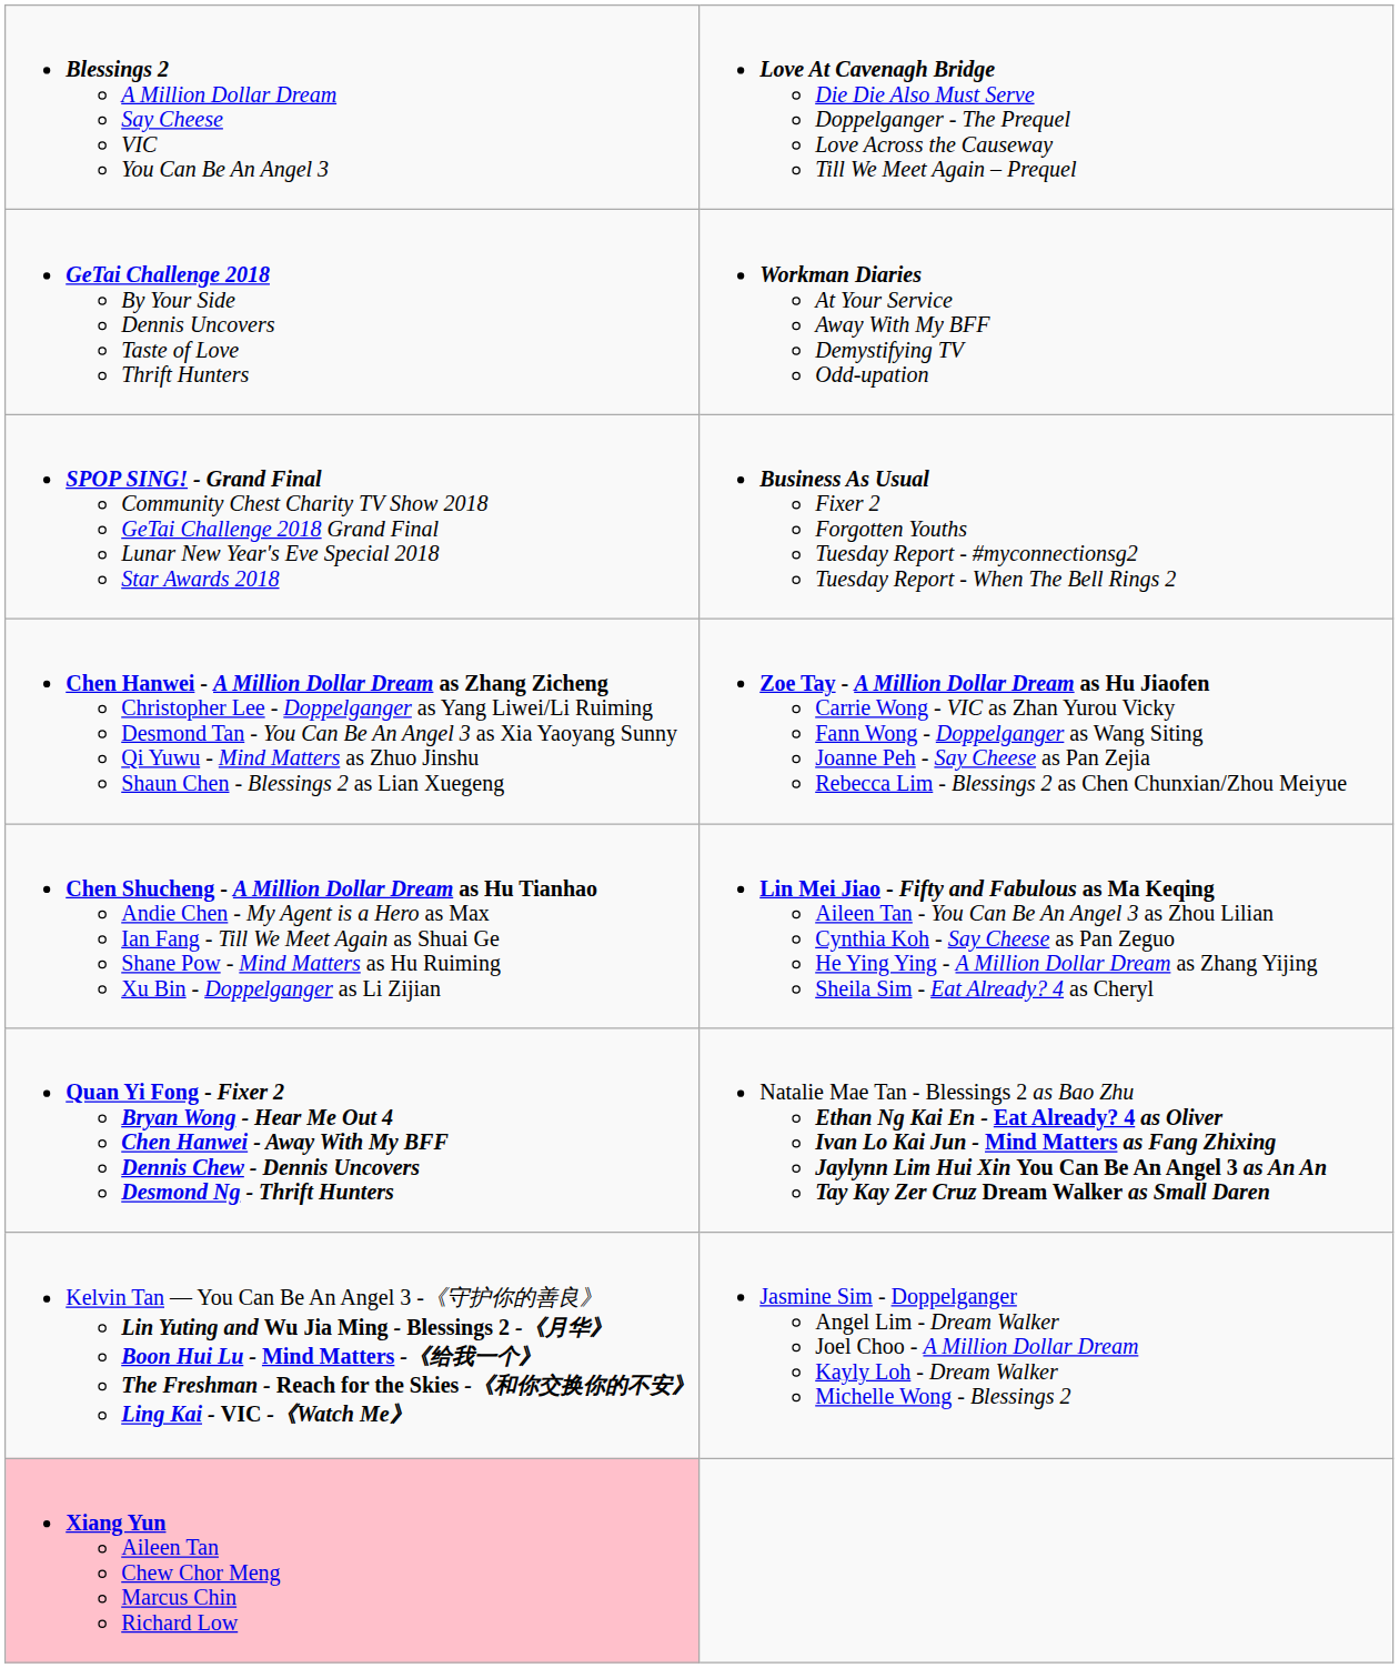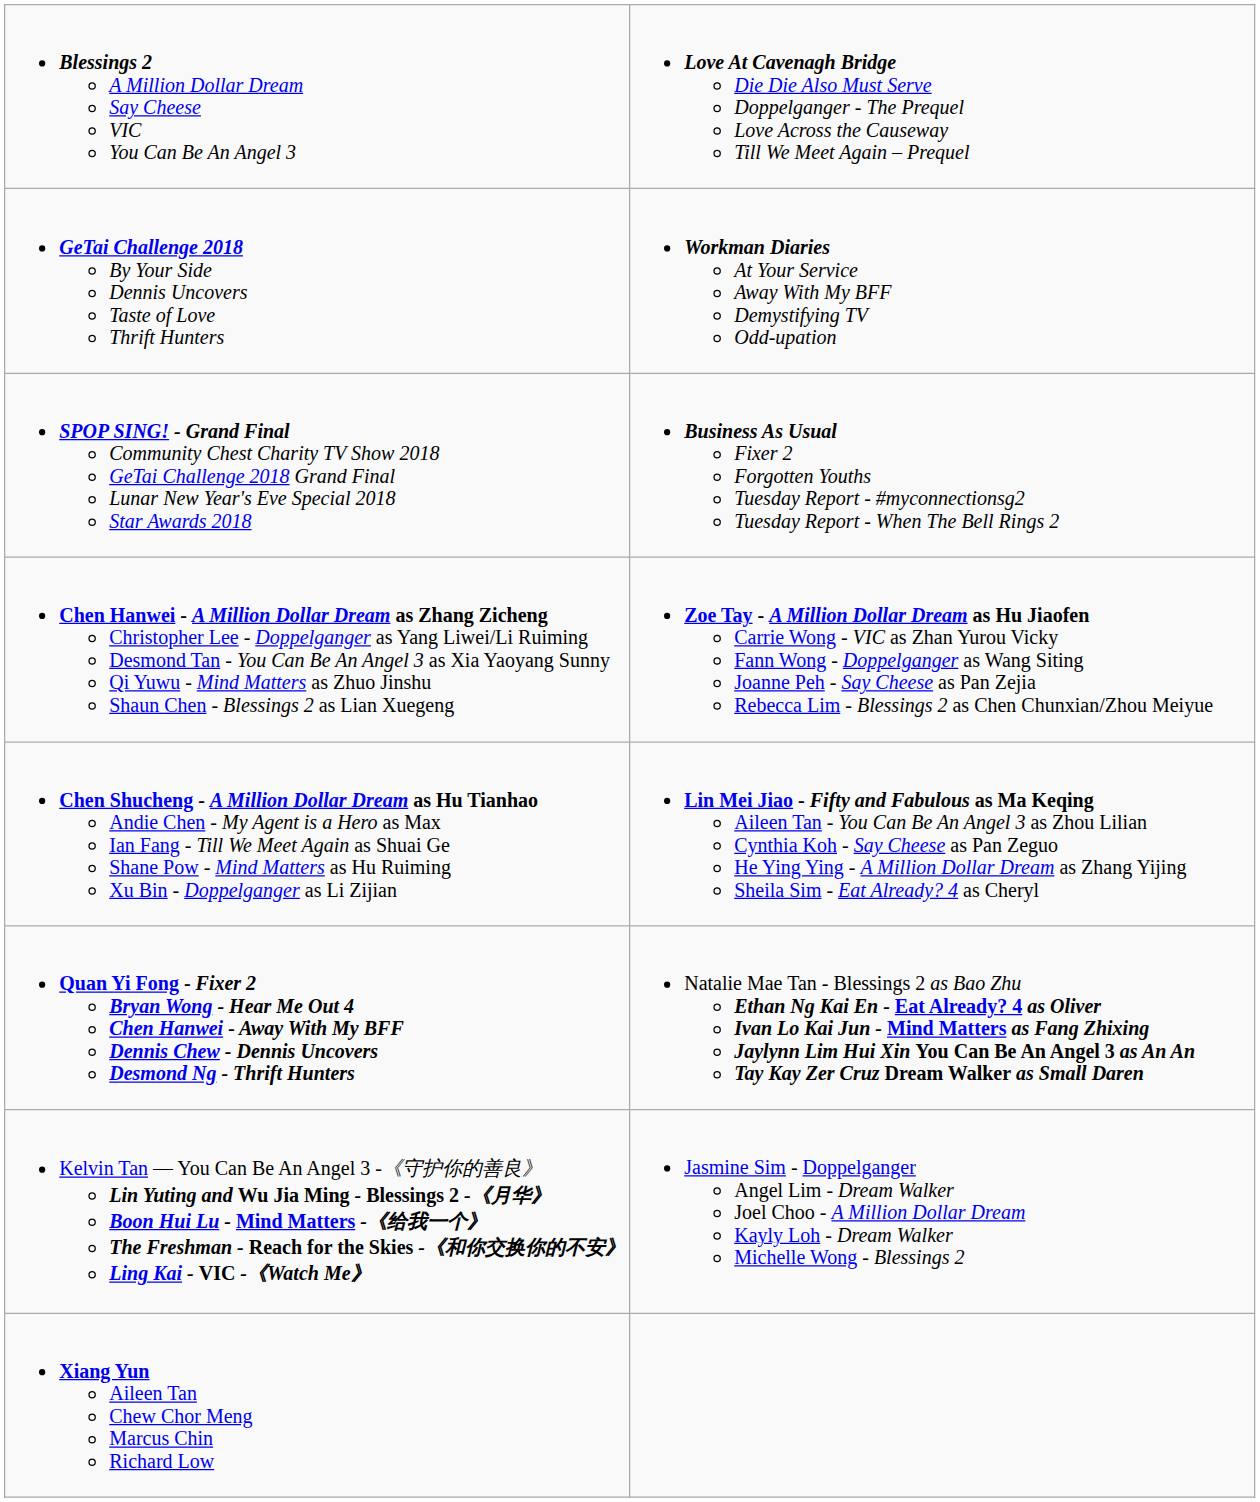 <table class=wikitable>
 <tr>
 <td valign="top" width="50%"><br><div></div><ul><li><strong><em>Blessings 2</em></strong><ul><li><em><a href='#'>A Million Dollar Dream</a></em></li><li><em><a href='#'>Say Cheese</a></em></li><li><em>VIC</em></li><li><em>You Can Be An Angel 3</em></li></ul></li></ul></td>
 <td valign="top" width="50%"><br><div></div><ul><li><strong><em>Love At Cavenagh Bridge</em></strong><ul><li><em><a href='#'>Die Die Also Must Serve</a></em></li><li><em> Doppelganger - The Prequel</em></li><li><em> Love Across the Causeway</em></li><li><em>Till We Meet Again – Prequel</em></li></ul></li></ul></td>
 </tr>
 <tr>
 <td valign="top" width="50%"><br><div></div><ul><li><strong><em><a href='#'>GeTai Challenge 2018</a></em></strong><ul><li><em>By Your Side </em></li><li><em>Dennis Uncovers</em></li><li><em>Taste of Love</em></li><li><em>Thrift Hunters </em></li></ul></li></ul></td>
 <td valign="top" width="50%"><br><div></div><ul><li><strong><em>Workman Diaries </em></strong><ul><li><em>At Your Service </em></li><li><em>Away With My BFF </em></li><li><em>Demystifying TV </em></li><li><em>Odd-upation </em></li></ul></li></ul></td>
 </tr>
 <tr>
 <td valign="top" width="50%"><br><div></div><ul><li><strong><em><a href='#'>SPOP SING!</a> - Grand Final</em></strong><ul><li><em>Community Chest Charity TV Show 2018</em></li><li><em><a href='#'>GeTai Challenge 2018</a> Grand Final</em></li><li><em>Lunar New Year's Eve Special 2018</em></li><li><em><a href='#'>Star Awards 2018</a></em></li></ul></li></ul></td>
 <td valign="top" width="50%"><br><div></div><ul><li><strong><em>Business As Usual</em></strong><ul><li><em>Fixer 2 </em></li><li><em>Forgotten Youths</em></li><li><em>Tuesday Report - #myconnectionsg2 </em></li><li><em>Tuesday Report - When The Bell Rings 2</em></li></ul></li></ul></td>
 </tr>
 <tr>
 <td valign="top" width="50%"><br><div></div><ul><li><strong><a href='#'>Chen Hanwei</a>  - <em><a href='#'>A Million Dollar Dream</a></em> as Zhang Zicheng </strong><ul><li><a href='#'>Christopher Lee</a>  - <em><a href='#'>Doppelganger</a></em> as Yang Liwei/Li Ruiming</li><li><a href='#'>Desmond Tan</a> - <em>You Can Be An Angel 3</em> as Xia Yaoyang Sunny</li><li><a href='#'>Qi Yuwu</a>  - <em><a href='#'>Mind Matters</a></em> as Zhuo Jinshu</li><li><a href='#'>Shaun Chen</a>  - <em>Blessings 2</em> as Lian Xuegeng</li></ul></li></ul></td>
 <td valign="top" width="50%"><br><div></div><ul><li><strong><a href='#'>Zoe Tay</a>  - <em><a href='#'>A Million Dollar Dream</a></em> as Hu Jiaofen</strong><ul><li><a href='#'>Carrie Wong</a>  - <em>VIC</em> as Zhan Yurou Vicky</li><li><a href='#'>Fann Wong</a>  - <em><a href='#'>Doppelganger</a></em> as Wang Siting</li><li><a href='#'>Joanne Peh</a>  - <em><a href='#'>Say Cheese</a></em> as Pan Zejia</li><li><a href='#'>Rebecca Lim</a> - <em>Blessings 2</em> as Chen Chunxian/Zhou Meiyue</li></ul></li></ul></td>
 </tr>
 <tr>
 <td valign="top" width="50%"><br><div></div><ul><li><strong><a href='#'>Chen Shucheng</a>  - <em><a href='#'>A Million Dollar Dream</a></em> as Hu Tianhao</strong><ul><li><a href='#'>Andie Chen</a>  - <em>My Agent is a Hero</em> as Max</li><li><a href='#'>Ian Fang</a>  - <em>Till We Meet Again</em> as Shuai Ge</li><li><a href='#'>Shane Pow</a>  - <em><a href='#'>Mind Matters</a></em> as Hu Ruiming</li><li><a href='#'>Xu Bin</a> - <em><a href='#'>Doppelganger</a></em> as Li Zijian</li></ul></li></ul></td>
 <td valign="top" width="50%"><br><div></div><ul><li><strong><a href='#'>Lin Mei Jiao</a>  - <em>Fifty and Fabulous</em> as Ma Keqing</strong><ul><li><a href='#'>Aileen Tan</a>  - <em>You Can Be An Angel 3</em> as Zhou Lilian</li><li><a href='#'>Cynthia Koh</a>  - <em><a href='#'>Say Cheese</a></em> as Pan Zeguo</li><li><a href='#'>He Ying Ying</a>  - <em><a href='#'>A Million Dollar Dream</a></em> as Zhang Yijing</li><li><a href='#'>Sheila Sim</a> - <em><a href='#'>Eat Already? 4</a></em> as Cheryl</li></ul></li></ul></td>
 </tr>
 <tr>
 <td valign="top" width="50%"><br><div></div><ul><li><strong><a href='#'>Quan Yi Fong</a> - <em>Fixer 2<strong><em><ul><li><a href='#'>Bryan Wong</a>  - </em>Hear Me Out 4<em></li><li><a href='#'>Chen Hanwei</a>  - </em>Away With My BFF<em></li><li><a href='#'>Dennis Chew</a>  - </em>Dennis Uncovers<em></li><li><a href='#'>Desmond Ng</a>  - </em>Thrift Hunters<em></li></ul></li></ul></td>
 <td valign="top" width="50%"><br><div></div><ul><li></strong>Natalie Mae Tan  - </em>Blessings 2<em> as Bao Zhu<strong><ul><li>Ethan Ng Kai En  - </em><a href='#'>Eat Already? 4</a> <em> as Oliver</li><li>Ivan Lo Kai Jun - </em><a href='#'>Mind Matters</a><em> as Fang Zhixing</li><li>Jaylynn Lim Hui Xin  </em>You Can Be An Angel 3<em> as An An</li><li>Tay Kay Zer Cruz  </em>Dream Walker<em> as Small Daren</li></ul></li></ul></td>
 </tr>
 <tr>
 <td valign="top" width="50%"><br><div></div><ul><li></strong><a href='#'>Kelvin Tan</a>  — </em>You Can Be An Angel 3<em>  -《守护你的善良》<strong><ul><li>Lin Yuting  and </em>Wu Jia Ming<em> - </em>Blessings 2<em> -《月华》</li><li><a href='#'>Boon Hui Lu</a>  - </em><a href='#'>Mind Matters</a><em>  -《给我一个》</li><li>The Freshman  - </em>Reach for the Skies <em>  -《和你交换你的不安》</li><li><a href='#'>Ling Kai</a>  - </em>VIC<em>  -《Watch Me》</li></ul></li></ul></td>
 <td valign="top" width="50%"><br><div></div><ul><li></strong><a href='#'>Jasmine Sim</a>  - </em><a href='#'>Doppelganger</a></em></strong><ul><li>Angel Lim  - <em>Dream Walker</em></li><li>Joel Choo - <em><a href='#'>A Million Dollar Dream</a></em></li><li><a href='#'>Kayly Loh</a>  - <em>Dream Walker</em></li><li><a href='#'>Michelle Wong</a>  - <em>Blessings 2</em></li></ul></li></ul></td>
 </tr>
 <tr>
-<td valign="top" width="50%" style="background: pink;"><br><div></div><ul><li><strong><a href='#'>Xiang Yun</a></strong><ul><li><a href='#'>Aileen Tan</a></li><li><a href='#'>Chew Chor Meng</a></li><li><a href='#'>Marcus Chin</a></li><li><a href='#'>Richard Low</a></li></ul></li></ul></td>
+<td valign="top" width="50%"><br><div></div><ul><li><strong><a href='#'>Xiang Yun</a></strong><ul><li><a href='#'>Aileen Tan</a></li><li><a href='#'>Chew Chor Meng</a></li><li><a href='#'>Marcus Chin</a></li><li><a href='#'>Richard Low</a></li></ul></li></ul></td>
 </tr>
 </table>
